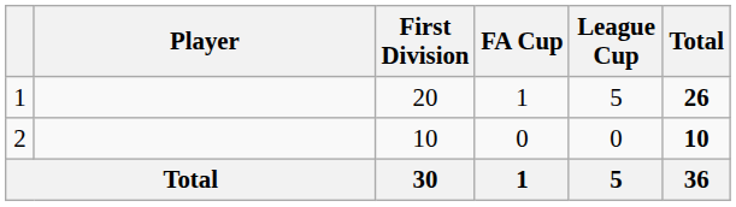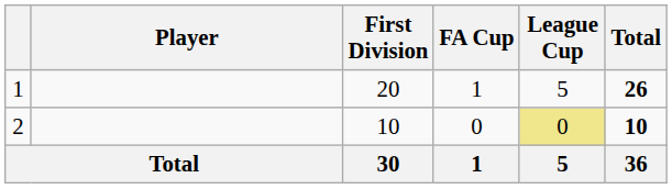 <table class="wikitable sortable" style="font-size: 95%; text-align: center">
 <tr>
 <th width=10></th>
 <th width=200>Player</th>
 <th width=50>First Division</th>
 <th width=50>FA Cup</th>
 <th width=50>League Cup</th>
 <th>Total</th>
 </tr>
 <tr>
 <td>1</td>
 <td></td>
 <td>20</td>
 <td>1</td>
 <td>5</td>
 <td><strong>26</strong></td>
 </tr>
 <tr>
 <td>2</td>
 <td></td>
 <td>10</td>
 <td>0</td>
-<td>0</td>
+<td style="background: khaki;">0</td>
 <td><strong>10</strong></td>
 </tr>
 <tr>
 <th colspan="2">Total</th>
 <th>30</th>
 <th>1</th>
 <th>5</th>
 <th>36</th>
 </tr>
 </table>
